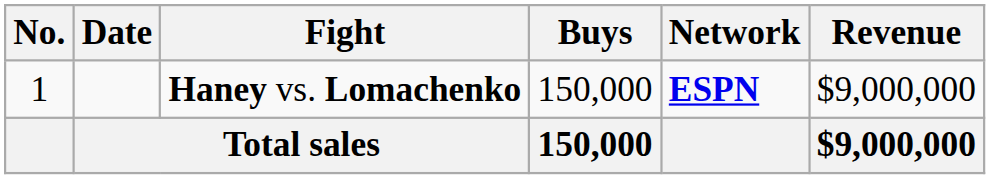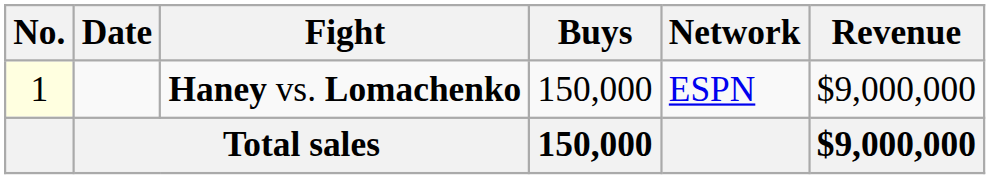 <table class="wikitable sortable">
 <tr>
 <th>No.</th>
 <th>Date</th>
 <th>Fight</th>
 <th>Buys</th>
 <th>Network</th>
 <th>Revenue</th>
 </tr>
 <tr>
-<td align=center>1</td>
+<td align=center style="background: lightyellow;">1</td>
 <td></td>
 <td><strong>Haney</strong> vs. <strong>Lomachenko</strong></td>
 <td>150,000</td>
-<td><strong><a href='#'>ESPN</a></strong></td>
+<td><a href='#'>ESPN</a></td>
 <td>$9,000,000</td>
 </tr>
 <tr>
 <th></th>
 <th colspan="2">Total sales</th>
 <th>150,000</th>
 <th></th>
 <th>$9,000,000</th>
 </tr>
 </table>
